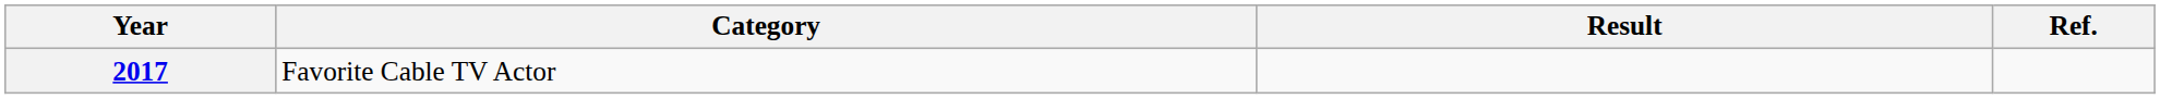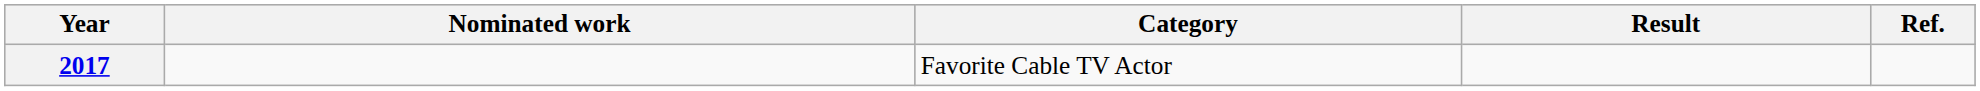 <table class="wikitable">
 <tr>
 <th width=2%>Year</th>
+<th width=11%>Nominated work</th>
 <th width=8%>Category</th>
 <th width=6%>Result</th>
 <th width=1%>Ref.</th>
 </tr>
 <tr>
 <th scope=row><a href='#'>2017</a></th>
+<td></td>
 <td>Favorite Cable TV Actor</td>
 <td></td>
 <td style="text-align:center;"></td>
 </tr>
 </table>
